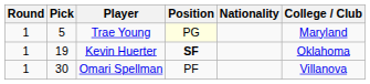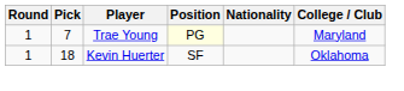 <table class="wikitable sortable sortable">
 <tr>
 <th>Round</th>
 <th>Pick</th>
 <th>Player</th>
 <th>Position</th>
 <th>Nationality</th>
 <th>College / Club</th>
 </tr>
 <tr style="text-align: center">
 <td>1</td>
-<td>5</td>
+<td>7</td>
 <td><a href='#'>Trae Young</a></td>
 <td style="background: lightyellow;">PG</td>
 <td></td>
 <td><a href='#'>Maryland</a></td>
 </tr>
 <tr style="text-align: center">
 <td>1</td>
-<td>19</td>
+<td>18</td>
 <td><a href='#'>Kevin Huerter</a></td>
-<td><strong>SF</strong></td>
+<td>SF</td>
 <td></td>
 <td><a href='#'>Oklahoma</a></td>
 </tr>
-<tr style="text-align: center">
-<td>1</td>
-<td>30</td>
-<td><a href='#'>Omari Spellman</a></td>
-<td>PF</td>
-<td></td>
-<td><a href='#'>Villanova</a></td>
-</tr>
 </table>
